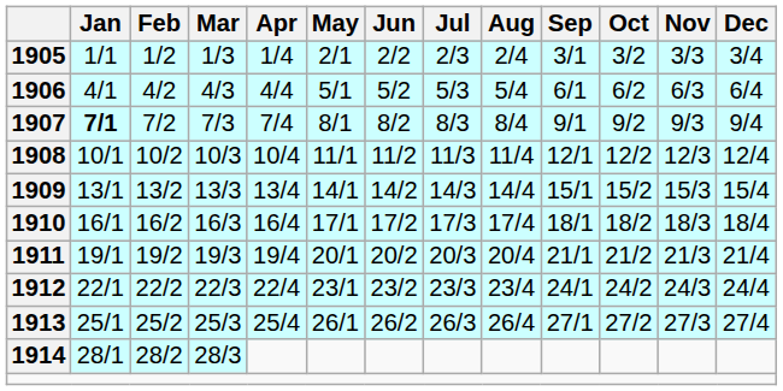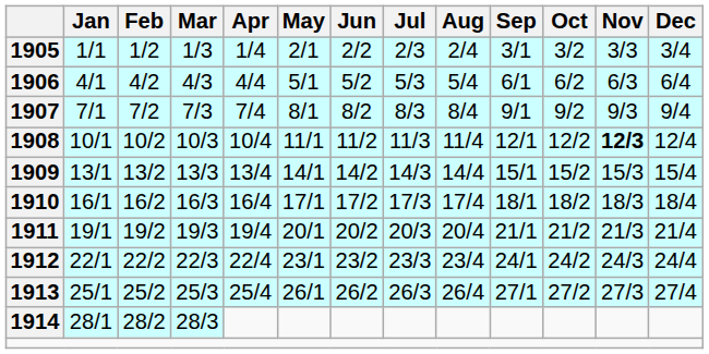 <table class="wikitable mw-collapsible mw-collapsed collapsible" style="max-width:400px; font-size: 10pt; line-height: 9pt; margin-left: 2em; text-align: center; float: right">
 <tr>
 <th></th>
 <th>Jan</th>
 <th>Feb</th>
 <th>Mar</th>
 <th>Apr</th>
 <th>May</th>
 <th>Jun</th>
 <th>Jul</th>
 <th>Aug</th>
 <th>Sep</th>
 <th>Oct</th>
 <th>Nov</th>
 <th>Dec</th>
 </tr>
 <tr>
 <th>1905</th>
 <td bgcolor="#ccffff">1/1</td>
 <td bgcolor="#ccffff">1/2</td>
 <td bgcolor="#ccffff">1/3</td>
 <td bgcolor="#ccffff">1/4</td>
 <td bgcolor="#ccffff">2/1</td>
 <td bgcolor="#ccffff">2/2</td>
 <td bgcolor="#ccffff">2/3</td>
 <td bgcolor="#ccffff">2/4</td>
 <td bgcolor="#ccffff">3/1</td>
 <td bgcolor="#ccffff">3/2</td>
 <td bgcolor="#ccffff">3/3</td>
 <td bgcolor="#ccffff">3/4</td>
 </tr>
 <tr>
 <th>1906</th>
 <td bgcolor="#ccffff">4/1</td>
 <td bgcolor="#ccffff">4/2</td>
 <td bgcolor="#ccffff">4/3</td>
 <td bgcolor="#ccffff">4/4</td>
 <td bgcolor="#ccffff">5/1</td>
 <td bgcolor="#ccffff">5/2</td>
 <td bgcolor="#ccffff">5/3</td>
 <td bgcolor="#ccffff">5/4</td>
 <td bgcolor="#ccffff">6/1</td>
 <td bgcolor="#ccffff">6/2</td>
 <td bgcolor="#ccffff">6/3</td>
 <td bgcolor="#ccffff">6/4</td>
 </tr>
 <tr>
 <th>1907</th>
-<td bgcolor="#ccffff"><strong>7/1</strong></td>
+<td bgcolor="#ccffff">7/1</td>
 <td bgcolor="#ccffff">7/2</td>
 <td bgcolor="#ccffff">7/3</td>
 <td bgcolor="#ccffff">7/4</td>
 <td bgcolor="#ccffff">8/1</td>
 <td bgcolor="#ccffff">8/2</td>
 <td bgcolor="#ccffff">8/3</td>
 <td bgcolor="#ccffff">8/4</td>
 <td bgcolor="#ccffff">9/1</td>
 <td bgcolor="#ccffff">9/2</td>
 <td bgcolor="#ccffff">9/3</td>
 <td bgcolor="#ccffff">9/4</td>
 </tr>
 <tr>
 <th>1908</th>
 <td bgcolor="#ccffff">10/1</td>
 <td bgcolor="#ccffff">10/2</td>
 <td bgcolor="#ccffff">10/3</td>
 <td bgcolor="#ccffff">10/4</td>
 <td bgcolor="#ccffff">11/1</td>
 <td bgcolor="#ccffff">11/2</td>
 <td bgcolor="#ccffff">11/3</td>
 <td bgcolor="#ccffff">11/4</td>
 <td bgcolor="#ccffff">12/1</td>
 <td bgcolor="#ccffff">12/2</td>
-<td bgcolor="#ccffff">12/3</td>
+<td bgcolor="#ccffff"><strong>12/3</strong></td>
 <td bgcolor="#ccffff">12/4</td>
 </tr>
 <tr>
 <th>1909</th>
 <td bgcolor="#ccffff">13/1</td>
 <td bgcolor="#ccffff">13/2</td>
 <td bgcolor="#ccffff">13/3</td>
 <td bgcolor="#ccffff">13/4</td>
 <td bgcolor="#ccffff">14/1</td>
 <td bgcolor="#ccffff">14/2</td>
 <td bgcolor="#ccffff">14/3</td>
 <td bgcolor="#ccffff">14/4</td>
 <td bgcolor="#ccffff">15/1</td>
 <td bgcolor="#ccffff">15/2</td>
 <td bgcolor="#ccffff">15/3</td>
 <td bgcolor="#ccffff">15/4</td>
 </tr>
 <tr>
 <th>1910</th>
 <td bgcolor="#ccffff">16/1</td>
 <td bgcolor="#ccffff">16/2</td>
 <td bgcolor="#ccffff">16/3</td>
 <td bgcolor="#ccffff">16/4</td>
 <td bgcolor="#ccffff">17/1</td>
 <td bgcolor="#ccffff">17/2</td>
 <td bgcolor="#ccffff">17/3</td>
 <td bgcolor="#ccffff">17/4</td>
 <td bgcolor="#ccffff">18/1</td>
 <td bgcolor="#ccffff">18/2</td>
 <td bgcolor="#ccffff">18/3</td>
 <td bgcolor="#ccffff">18/4</td>
 </tr>
 <tr>
 <th>1911</th>
 <td bgcolor="#ccffff">19/1</td>
 <td bgcolor="#ccffff">19/2</td>
 <td bgcolor="#ccffff">19/3</td>
 <td bgcolor="#ccffff">19/4</td>
 <td bgcolor="#ccffff">20/1</td>
 <td bgcolor="#ccffff">20/2</td>
 <td bgcolor="#ccffff">20/3</td>
 <td bgcolor="#ccffff">20/4</td>
 <td bgcolor="#ccffff">21/1</td>
 <td bgcolor="#ccffff">21/2</td>
 <td bgcolor="#ccffff">21/3</td>
 <td bgcolor="#ccffff">21/4</td>
 </tr>
 <tr>
 <th>1912</th>
 <td bgcolor="#ccffff">22/1</td>
 <td bgcolor="#ccffff">22/2</td>
 <td bgcolor="#ccffff">22/3</td>
 <td bgcolor="#ccffff">22/4</td>
 <td bgcolor="#ccffff">23/1</td>
 <td bgcolor="#ccffff">23/2</td>
 <td bgcolor="#ccffff">23/3</td>
 <td bgcolor="#ccffff">23/4</td>
 <td bgcolor="#ccffff">24/1</td>
 <td bgcolor="#ccffff">24/2</td>
 <td bgcolor="#ccffff">24/3</td>
 <td bgcolor="#ccffff">24/4</td>
 </tr>
 <tr>
 <th>1913</th>
 <td bgcolor="#ccffff">25/1</td>
 <td bgcolor="#ccffff">25/2</td>
 <td bgcolor="#ccffff">25/3</td>
 <td bgcolor="#ccffff">25/4</td>
 <td bgcolor="#ccffff">26/1</td>
 <td bgcolor="#ccffff">26/2</td>
 <td bgcolor="#ccffff">26/3</td>
 <td bgcolor="#ccffff">26/4</td>
 <td bgcolor="#ccffff">27/1</td>
 <td bgcolor="#ccffff">27/2</td>
 <td bgcolor="#ccffff">27/3</td>
 <td bgcolor="#ccffff">27/4</td>
 </tr>
 <tr>
 <th>1914</th>
 <td bgcolor="#ccffff">28/1</td>
 <td bgcolor="#ccffff">28/2</td>
 <td bgcolor="#ccffff">28/3</td>
 <td></td>
 <td></td>
 <td></td>
 <td></td>
 <td></td>
 <td></td>
 <td></td>
 <td></td>
 <td></td>
 </tr>
 <tr>
 <td colspan="14" style="font-size: 9pt; text-align:left; line-height: 10pt;"></td>
 </tr>
 </table>
